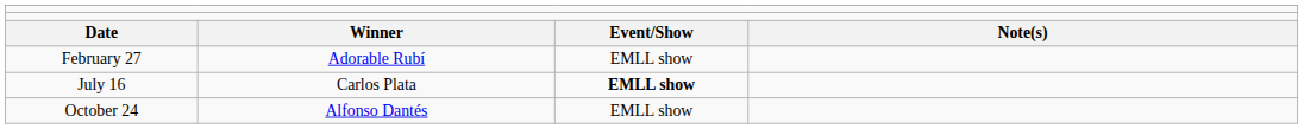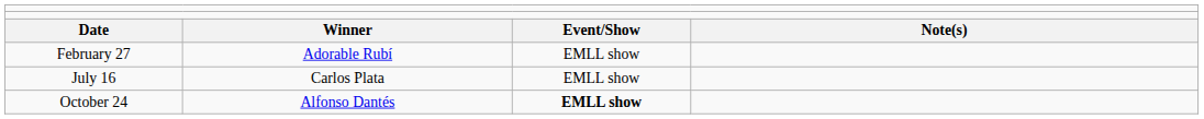 <table class="wikitable" style="text-align:center; width:100%;">
 <tr>
 <td colspan=5></td>
 </tr>
 <tr>
 <td colspan=5><strong></strong></td>
 </tr>
 <tr>
 <th width=14%>Date</th>
 <th width=26%>Winner</th>
 <th width=14%>Event/Show</th>
 <th width=40%>Note(s)</th>
 </tr>
 <tr>
 <td>February 27</td>
 <td><a href='#'>Adorable Rubí</a></td>
 <td>EMLL show</td>
 <td></td>
 </tr>
 <tr>
 <td>July 16</td>
 <td>Carlos Plata</td>
-<td><strong>EMLL show</strong></td>
+<td>EMLL show</td>
 <td></td>
 </tr>
 <tr>
 <td>October 24</td>
 <td><a href='#'>Alfonso Dantés</a></td>
-<td>EMLL show</td>
+<td><strong>EMLL show</strong></td>
 <td></td>
 </tr>
 </table>
